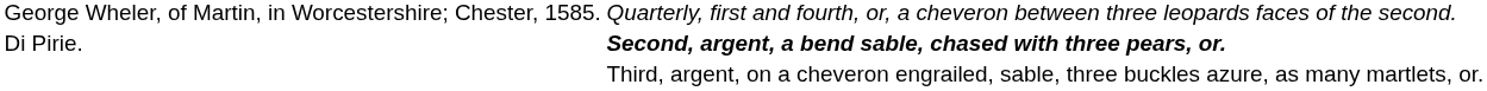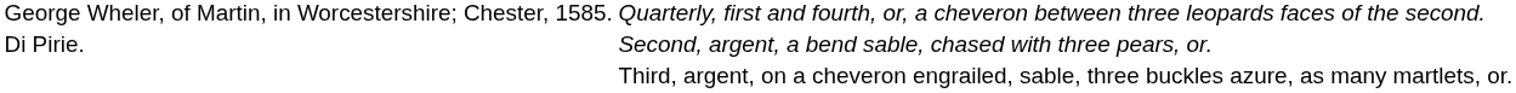 <table>
 <tr>
 <td>George Wheler, of Martin, in Worcestershire; Chester, 1585.</td>
 <td><em>Quarterly, first and fourth, or, a cheveron between three leopards faces of the second.</em></td>
 </tr>
 <tr>
 <td>Di Pirie.</td>
-<td><strong><em>Second, argent, a bend sable, chased with three pears, or.</em></strong></td>
+<td><em>Second, argent, a bend sable, chased with three pears, or.</em></td>
 </tr>
 <tr>
 <td></td>
 <td>Third, argent, on a cheveron engrailed, sable, three buckles azure, as many martlets, or.</td>
 </tr>
 </table>
